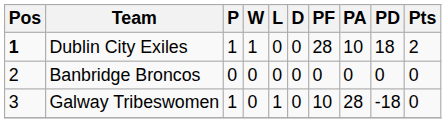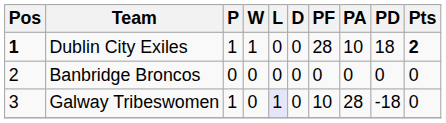 <table class="wikitable">
 <tr>
 <th colspan="1" rowspan="1">Pos</th>
 <th colspan="1" rowspan="1">Team</th>
 <th colspan="1" rowspan="1">P</th>
 <th colspan="1" rowspan="1">W</th>
 <th colspan="1" rowspan="1">L</th>
 <th colspan="1" rowspan="1">D</th>
 <th colspan="1" rowspan="1">PF</th>
 <th colspan="1" rowspan="1">PA</th>
 <th colspan="1" rowspan="1">PD</th>
 <th colspan="1" rowspan="1">Pts</th>
 </tr>
 <tr>
 <td><strong>1</strong></td>
 <td>Dublin City Exiles</td>
 <td>1</td>
 <td>1</td>
 <td>0</td>
 <td>0</td>
 <td>28</td>
 <td>10</td>
 <td>18</td>
-<td>2</td>
+<td><strong>2</strong></td>
 </tr>
 <tr>
 <td>2</td>
 <td>Banbridge Broncos</td>
 <td>0</td>
 <td>0</td>
 <td>0</td>
 <td>0</td>
 <td>0</td>
 <td>0</td>
 <td>0</td>
 <td>0</td>
 </tr>
 <tr>
 <td>3</td>
 <td>Galway Tribeswomen</td>
 <td>1</td>
 <td>0</td>
-<td>1</td>
+<td style="background: lavender;">1</td>
 <td>0</td>
 <td>10</td>
 <td>28</td>
 <td>-18</td>
 <td>0</td>
 </tr>
 <tr>
 </tr>
 </table>
